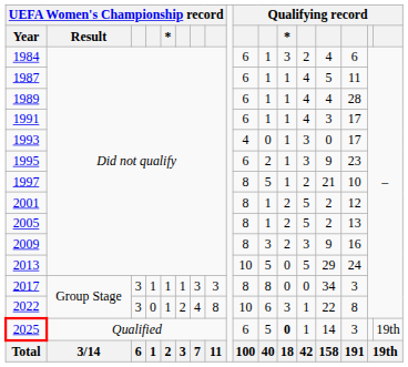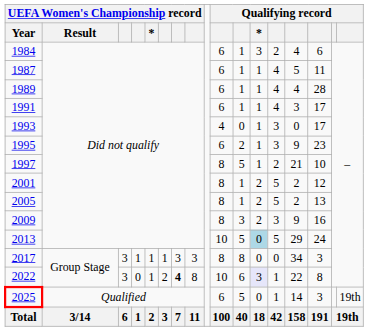 <table class="wikitable" style="text-align: center;">
 <tr>
 <th colspan=8><a href='#'>UEFA Women's Championship</a> record</th>
 <td rowspan=99></td>
 <th colspan=8>Qualifying record</th>
 </tr>
 <tr>
 <th>Year</th>
 <th>Result</th>
 <th></th>
 <th></th>
 <th>*</th>
 <th></th>
 <th></th>
 <th></th>
 <th><br></th>
 <th></th>
 <th>*</th>
 <th></th>
 <th></th>
 <th></th>
 <th></th>
 <th></th>
 </tr>
 <tr>
 <td> <a href='#'>1984</a></td>
 <td colspan=7 rowspan=11><em>Did not qualify</em></td>
 <td>6</td>
 <td>1</td>
 <td>3</td>
 <td>2</td>
 <td>4</td>
 <td>6</td>
 <td rowspan=13 colspan=2>–</td>
 </tr>
 <tr>
 <td> <a href='#'>1987</a></td>
 <td>6</td>
 <td>1</td>
 <td>1</td>
 <td>4</td>
 <td>5</td>
 <td>11</td>
 </tr>
 <tr>
 <td> <a href='#'>1989</a></td>
 <td>6</td>
 <td>1</td>
 <td>1</td>
 <td>4</td>
 <td>4</td>
 <td>28</td>
 </tr>
 <tr>
 <td> <a href='#'>1991</a></td>
 <td>6</td>
 <td>1</td>
 <td>1</td>
 <td>4</td>
 <td>3</td>
 <td>17</td>
 </tr>
 <tr>
 <td> <a href='#'>1993</a></td>
 <td>4</td>
 <td>0</td>
 <td>1</td>
 <td>3</td>
 <td>0</td>
 <td>17</td>
 </tr>
 <tr>
 <td>    <a href='#'>1995</a></td>
 <td>6</td>
 <td>2</td>
 <td>1</td>
 <td>3</td>
 <td>9</td>
 <td>23</td>
 </tr>
 <tr>
 <td>  <a href='#'>1997</a></td>
 <td>8</td>
 <td>5</td>
 <td>1</td>
 <td>2</td>
 <td>21</td>
 <td>10</td>
 </tr>
 <tr>
 <td> <a href='#'>2001</a></td>
 <td>8</td>
 <td>1</td>
 <td>2</td>
 <td>5</td>
 <td>2</td>
 <td>12</td>
 </tr>
 <tr>
 <td> <a href='#'>2005</a></td>
 <td>8</td>
 <td>1</td>
 <td>2</td>
 <td>5</td>
 <td>2</td>
 <td>13</td>
 </tr>
 <tr>
 <td> <a href='#'>2009</a></td>
 <td>8</td>
 <td>3</td>
 <td>2</td>
 <td>3</td>
 <td>9</td>
 <td>16</td>
 </tr>
 <tr>
 <td> <a href='#'>2013</a></td>
 <td>10</td>
 <td>5</td>
-<td>0</td>
+<td style="background: lightblue;">0</td>
 <td>5</td>
 <td>29</td>
 <td>24</td>
 </tr>
 <tr>
 <td> <a href='#'>2017</a></td>
 <td rowspan="2">Group Stage</td>
 <td>3</td>
 <td>1</td>
 <td>1</td>
 <td>1</td>
 <td>3</td>
 <td>3</td>
 <td>8</td>
 <td>8</td>
 <td>0</td>
 <td>0</td>
 <td>34</td>
 <td>3</td>
 </tr>
 <tr>
 <td> <a href='#'>2022</a></td>
 <td>3</td>
 <td>0</td>
 <td>1</td>
 <td>2</td>
-<td>4</td>
+<td><strong>4</strong></td>
 <td>8</td>
 <td>10</td>
 <td>6</td>
-<td>3</td>
+<td style="background: lavender;">3</td>
 <td>1</td>
 <td>22</td>
 <td>8</td>
 </tr>
 <tr>
 <td style="border: 3px solid red"> <a href='#'>2025</a></td>
 <td colspan=7><em>Qualified</em></td>
 <td>6</td>
 <td>5</td>
-<td><strong>0</strong></td>
+<td>0</td>
 <td>1</td>
 <td>14</td>
 <td>3</td>
 <td></td>
 <td>19th</td>
 </tr>
 <tr>
 <th>Total</th>
 <th>3/14</th>
 <th>6</th>
 <th>1</th>
 <th>2</th>
 <th>3</th>
 <th>7</th>
 <th>11</th>
 <th>100</th>
 <th>40</th>
 <th>18</th>
 <th>42</th>
 <th>158</th>
 <th>191</th>
 <th colspan=2>19th</th>
 </tr>
 </table>
